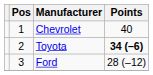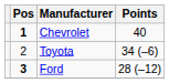 <table class="wikitable" style="font-size: 95%;">
 <tr>
 <th></th>
 <th>Pos</th>
 <th>Manufacturer</th>
 <th>Points</th>
 </tr>
 <tr>
 <td align="left"></td>
-<td style="text-align:center;">1</td>
+<td style="text-align:center;"><strong>1</strong></td>
 <td><a href='#'>Chevrolet</a></td>
 <td style="text-align:center;">40</td>
 </tr>
 <tr>
 <td align="left"></td>
 <td style="text-align:center;">2</td>
 <td><a href='#'>Toyota</a></td>
-<td style="text-align:center;"><strong>34 (–6)</strong></td>
+<td style="text-align:center;">34 (–6)</td>
 </tr>
 <tr>
 <td align="left"></td>
-<td style="text-align:center;">3</td>
+<td style="text-align:center;"><strong>3</strong></td>
 <td><a href='#'>Ford</a></td>
 <td style="text-align:center;">28 (–12)</td>
 </tr>
 <tr class="sortbottom">
 </tr>
 </table>
